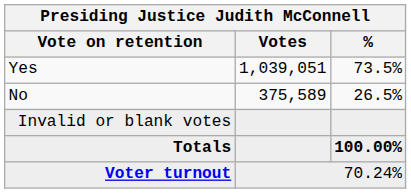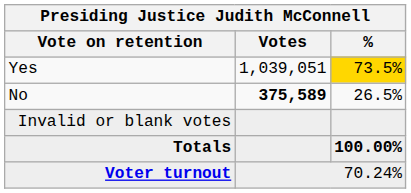 <table class="wikitable" style="font-size: 95%;">
 <tr style="background-color:#E9E9E9">
 <th colspan=7>Presiding Justice Judith McConnell</th>
 </tr>
 <tr style="background-color:#E9E9E9">
 <th style="width: 170px">Vote on retention</th>
 <th style="width: 50px">Votes</th>
 <th style="width: 40px">%</th>
 </tr>
 <tr>
 <td>Yes</td>
 <td align="right">1,039,051</td>
-<td align="right">73.5%</td>
+<td align="right" style="background: gold;">73.5%</td>
 </tr>
 <tr>
 <td>No</td>
-<td align="right">375,589</td>
+<td align="right"><strong>375,589</strong></td>
 <td align="right">26.5%</td>
 </tr>
 <tr bgcolor="#EEEEEE">
 <td align="right">Invalid or blank votes</td>
 <td align="right"></td>
 <td align="right"></td>
 </tr>
 <tr bgcolor="#EEEEEE">
 <td align="right"><strong>Totals</strong></td>
 <td align="right"><strong></strong></td>
 <td align="right"><strong>100.00%</strong></td>
 </tr>
 <tr bgcolor="#EEEEEE">
 <td align="right"><strong><a href='#'>Voter turnout</a></strong></td>
 <td colspan="2" align="right">70.24%</td>
 </tr>
 </table>
